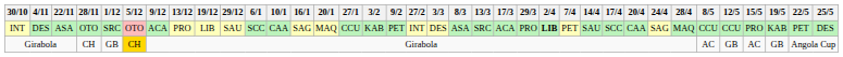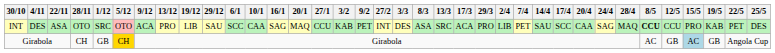 <table class="wikitable" style="font-size: 74%; text-align:center;">
 <tr>
 <th align=center>30/10</th>
 <th align=center>4/11</th>
 <th align=center>22/11</th>
 <th align=center>28/11</th>
 <th align=center>1/12</th>
 <th align=center>5/12</th>
 <th align=center>9/12</th>
 <th align=center>13/12</th>
 <th align=center>19/12</th>
 <th align=center>29/12</th>
 <th align=center>6/1</th>
 <th align=center>10/1</th>
 <th align=center>16/1</th>
 <th align=center>20/1</th>
 <th align=center>27/1</th>
 <th align=center>3/2</th>
 <th align=center>9/2</th>
 <th align=center>27/2</th>
 <th align=center>3/3</th>
 <th align=center>8/3</th>
 <th align=center>13/3</th>
 <th align=center>17/3</th>
 <th align=center>29/3</th>
 <th align=center>2/4</th>
 <th align=center>7/4</th>
 <th align=center>14/4</th>
 <th align=center>17/4</th>
 <th align=center>20/4</th>
 <th align=center>24/4</th>
 <th align=center>28/4</th>
 <th align=center>8/5</th>
 <th align=center>12/5</th>
 <th align=center>15/5</th>
 <th align=center>19/5</th>
 <th align=center>22/5</th>
 <th align=center>25/5</th>
 </tr>
 <tr align=center>
 <td bgcolor=#ffffbb>INT</td>
 <td bgcolor=#bbf3bb>DES</td>
 <td bgcolor=#bbf3bb>ASA</td>
 <td bgcolor=#bbf3bb>OTO</td>
 <td bgcolor=#bbf3bb>SRC</td>
 <td bgcolor=#ffbbbb>OTO</td>
 <td bgcolor=#bbf3bb>ACA</td>
 <td bgcolor=#ffffbb>PRO</td>
 <td bgcolor=#ffffbb>LIB</td>
 <td bgcolor=#ffffbb>SAU</td>
 <td bgcolor=#bbf3bb>SCC</td>
 <td bgcolor=#bbf3bb>CAA</td>
 <td bgcolor=#ffffbb>SAG</td>
 <td bgcolor=#ffffbb>MAQ</td>
 <td bgcolor=#bbf3bb>CCU</td>
 <td bgcolor=#bbf3bb>KAB</td>
 <td bgcolor=#bbf3bb>PET</td>
 <td bgcolor=#ffffbb>INT</td>
 <td bgcolor=#ffffbb>DES</td>
 <td bgcolor=#bbf3bb>ASA</td>
 <td bgcolor=#bbf3bb>SRC</td>
 <td bgcolor=#bbf3bb>ACA</td>
 <td bgcolor=#bbf3bb>PRO</td>
-<td bgcolor=#bbf3bb><strong>LIB</strong></td>
+<td bgcolor=#bbf3bb>LIB</td>
 <td bgcolor=#ffffbb>PET</td>
 <td bgcolor=#bbf3bb>SAU</td>
 <td bgcolor=#bbf3bb>SCC</td>
 <td bgcolor=#bbf3bb>CAA</td>
 <td bgcolor=#ffffbb>SAG</td>
 <td bgcolor=#bbf3bb>MAQ</td>
-<td bgcolor=#bbf3bb>CCU</td>
+<td bgcolor=#bbf3bb><strong>CCU</strong></td>
 <td bgcolor=#bbf3bb>CCU</td>
 <td bgcolor=#bbf3bb>PRO</td>
 <td bgcolor=#bbf3bb>KAB</td>
 <td bgcolor=#bbf3bb>PET</td>
 <td bgcolor=#bbf3bb>DES</td>
 </tr>
 <tr align=center>
 <td colspan=3>Girabola</td>
 <td>CH</td>
 <td>GB</td>
 <td style="background: gold;">CH</td>
 <td colspan=24>Girabola</td>
 <td>AC</td>
 <td>GB</td>
-<td>AC</td>
+<td style="background: lightblue;">AC</td>
 <td>GB</td>
 <td colspan=2>Angola Cup</td>
 </tr>
 </table>
